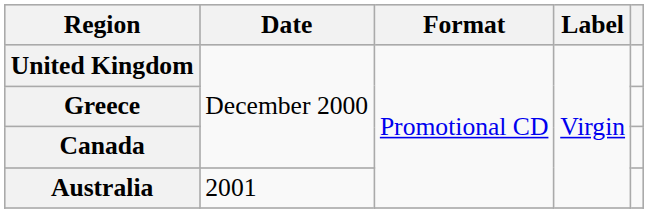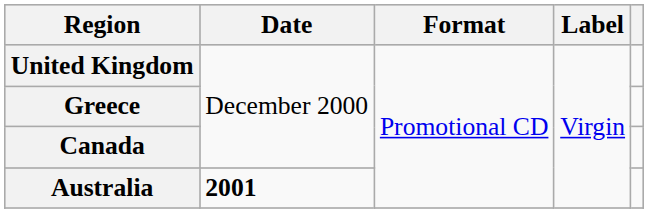 <table class="wikitable plainrowheaders">
 <tr>
 <th scope="col">Region</th>
 <th scope="col">Date</th>
 <th scope="col">Format</th>
 <th scope="col">Label</th>
 <th scope="col"></th>
 </tr>
 <tr>
 <th scope="row">United Kingdom</th>
 <td rowspan="3">December 2000</td>
 <td rowspan="4"><a href='#'>Promotional CD</a></td>
 <td rowspan="4"><a href='#'>Virgin</a></td>
 <td></td>
 </tr>
 <tr>
 <th scope="row">Greece</th>
 <td></td>
 </tr>
 <tr>
 <th scope="row">Canada</th>
 <td></td>
 </tr>
 <tr>
 <th scope="row">Australia</th>
-<td>2001</td>
+<td><strong>2001</strong></td>
 <td></td>
 </tr>
 </table>
